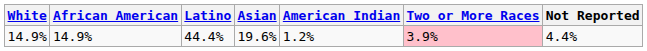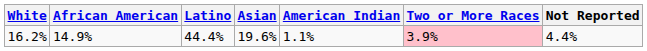 <table class="wikitable">
 <tr>
 <th><a href='#'>White</a></th>
 <th><a href='#'>African American</a></th>
 <th><a href='#'>Latino</a></th>
 <th><a href='#'>Asian</a></th>
 <th><a href='#'>American Indian</a></th>
 <th><a href='#'>Two or More Races</a></th>
 <th>Not Reported</th>
 </tr>
 <tr>
-<td>14.9%</td>
+<td>16.2%</td>
 <td>14.9%</td>
 <td>44.4%</td>
 <td>19.6%</td>
-<td>1.2%</td>
+<td>1.1%</td>
 <td style="background: pink;">3.9%</td>
 <td>4.4%</td>
 </tr>
 </table>
